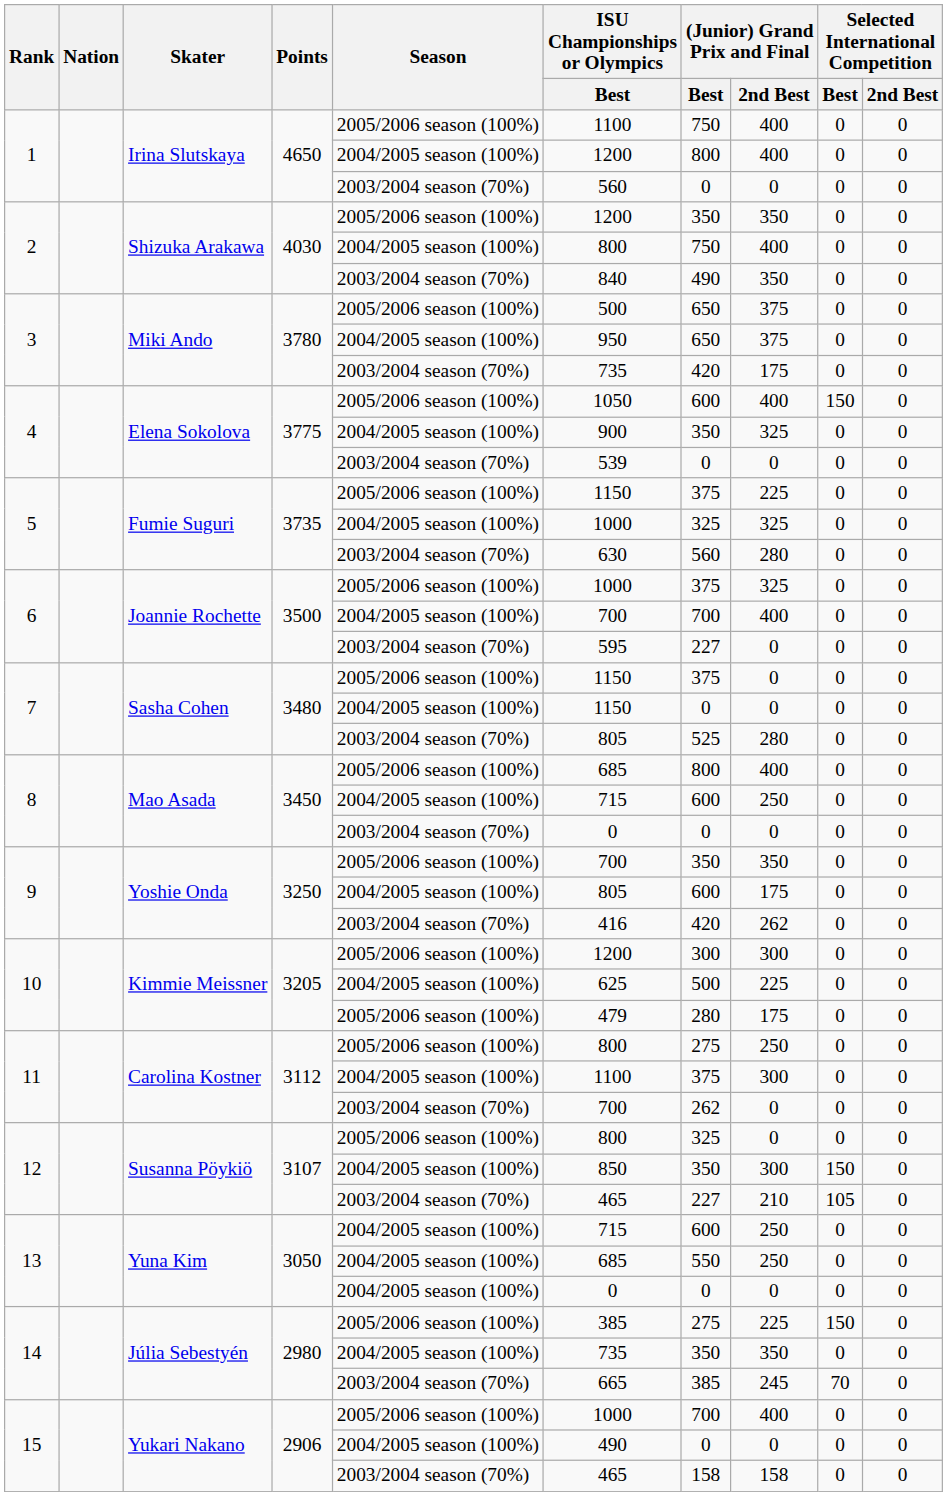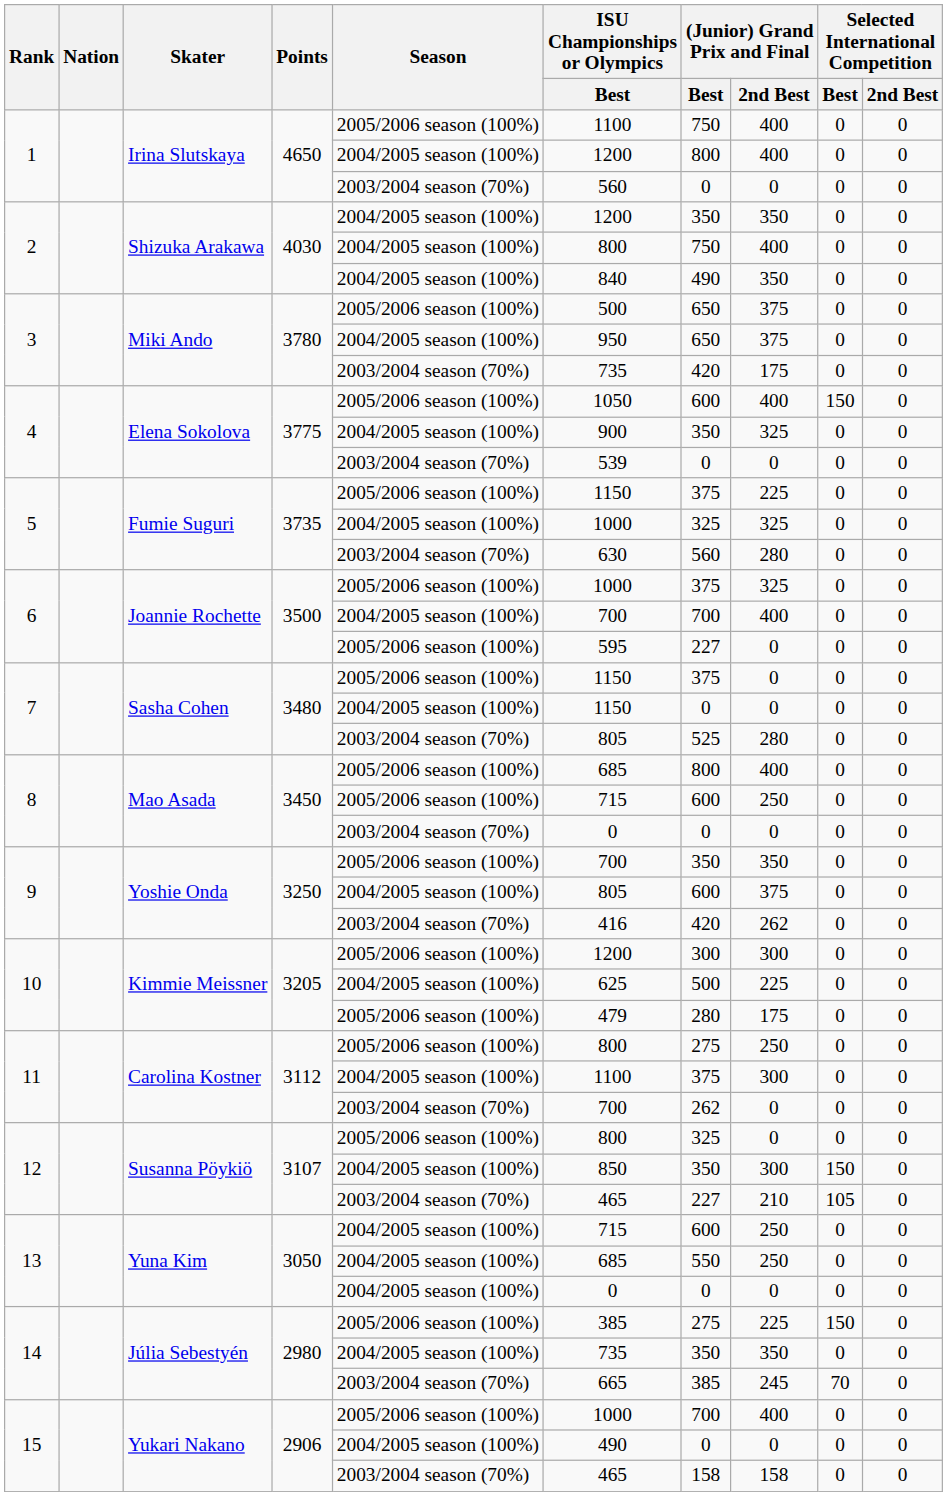 <table class="wikitable sortable" style="text-align: center;">
 <tr>
 <th rowspan="2">Rank</th>
 <th rowspan="2">Nation</th>
 <th rowspan="2">Skater</th>
 <th rowspan="2">Points</th>
 <th rowspan="2">Season</th>
 <th>ISU <br> Championships <br> or Olympics</th>
 <th colspan="2">(Junior) Grand <br> Prix and Final</th>
 <th colspan="2">Selected <br> International <br> Competition</th>
 </tr>
 <tr>
 <th>Best</th>
 <th>Best</th>
 <th>2nd Best</th>
 <th>Best</th>
 <th>2nd Best</th>
 </tr>
 <tr>
 <td rowspan="3">1</td>
 <td rowspan="3" style="text-align: left;"></td>
 <td rowspan="3" style="text-align: left;"><a href='#'>Irina Slutskaya</a></td>
 <td rowspan="3">4650</td>
 <td style="text-align: left;">2005/2006 season (100%)</td>
 <td>1100</td>
 <td>750</td>
 <td>400</td>
 <td>0</td>
 <td>0</td>
 </tr>
 <tr>
 <td style="text-align: left;">2004/2005 season (100%)</td>
 <td>1200</td>
 <td>800</td>
 <td>400</td>
 <td>0</td>
 <td>0</td>
 </tr>
 <tr>
 <td style="text-align: left;">2003/2004 season (70%)</td>
 <td>560</td>
 <td>0</td>
 <td>0</td>
 <td>0</td>
 <td>0</td>
 </tr>
 <tr>
 <td rowspan="3">2</td>
 <td rowspan="3" style="text-align: left;"></td>
 <td rowspan="3" style="text-align: left;"><a href='#'>Shizuka Arakawa</a></td>
 <td rowspan="3">4030</td>
-<td style="text-align: left;">2005/2006 season (100%)</td>
+<td style="text-align: left;">2004/2005 season (100%)</td>
 <td>1200</td>
 <td>350</td>
 <td>350</td>
 <td>0</td>
 <td>0</td>
 </tr>
 <tr>
 <td style="text-align: left;">2004/2005 season (100%)</td>
 <td>800</td>
 <td>750</td>
 <td>400</td>
 <td>0</td>
 <td>0</td>
 </tr>
 <tr>
-<td style="text-align: left;">2003/2004 season (70%)</td>
+<td style="text-align: left;">2004/2005 season (100%)</td>
 <td>840</td>
 <td>490</td>
 <td>350</td>
 <td>0</td>
 <td>0</td>
 </tr>
 <tr>
 <td rowspan="3">3</td>
 <td rowspan="3" style="text-align: left;"></td>
 <td rowspan="3" style="text-align: left;"><a href='#'>Miki Ando</a></td>
 <td rowspan="3">3780</td>
 <td style="text-align: left;">2005/2006 season (100%)</td>
 <td>500</td>
 <td>650</td>
 <td>375</td>
 <td>0</td>
 <td>0</td>
 </tr>
 <tr>
 <td style="text-align: left;">2004/2005 season (100%)</td>
 <td>950</td>
 <td>650</td>
 <td>375</td>
 <td>0</td>
 <td>0</td>
 </tr>
 <tr>
 <td style="text-align: left;">2003/2004 season (70%)</td>
 <td>735</td>
 <td>420</td>
 <td>175</td>
 <td>0</td>
 <td>0</td>
 </tr>
 <tr>
 <td rowspan="3">4</td>
 <td rowspan="3" style="text-align: left;"></td>
 <td rowspan="3" style="text-align: left;"><a href='#'>Elena Sokolova</a></td>
 <td rowspan="3">3775</td>
 <td style="text-align: left;">2005/2006 season (100%)</td>
 <td>1050</td>
 <td>600</td>
 <td>400</td>
 <td>150</td>
 <td>0</td>
 </tr>
 <tr>
 <td style="text-align: left;">2004/2005 season (100%)</td>
 <td>900</td>
 <td>350</td>
 <td>325</td>
 <td>0</td>
 <td>0</td>
 </tr>
 <tr>
 <td style="text-align: left;">2003/2004 season (70%)</td>
 <td>539</td>
 <td>0</td>
 <td>0</td>
 <td>0</td>
 <td>0</td>
 </tr>
 <tr>
 <td rowspan="3">5</td>
 <td rowspan="3" style="text-align: left;"></td>
 <td rowspan="3" style="text-align: left;"><a href='#'>Fumie Suguri</a></td>
 <td rowspan="3">3735</td>
 <td style="text-align: left;">2005/2006 season (100%)</td>
 <td>1150</td>
 <td>375</td>
 <td>225</td>
 <td>0</td>
 <td>0</td>
 </tr>
 <tr>
 <td style="text-align: left;">2004/2005 season (100%)</td>
 <td>1000</td>
 <td>325</td>
 <td>325</td>
 <td>0</td>
 <td>0</td>
 </tr>
 <tr>
 <td style="text-align: left;">2003/2004 season (70%)</td>
 <td>630</td>
 <td>560</td>
 <td>280</td>
 <td>0</td>
 <td>0</td>
 </tr>
 <tr>
 <td rowspan="3">6</td>
 <td rowspan="3" style="text-align: left;"></td>
 <td rowspan="3" style="text-align: left;"><a href='#'>Joannie Rochette</a></td>
 <td rowspan="3">3500</td>
 <td style="text-align: left;">2005/2006 season (100%)</td>
 <td>1000</td>
 <td>375</td>
 <td>325</td>
 <td>0</td>
 <td>0</td>
 </tr>
 <tr>
 <td style="text-align: left;">2004/2005 season (100%)</td>
 <td>700</td>
 <td>700</td>
 <td>400</td>
 <td>0</td>
 <td>0</td>
 </tr>
 <tr>
-<td style="text-align: left;">2003/2004 season (70%)</td>
+<td style="text-align: left;">2005/2006 season (100%)</td>
 <td>595</td>
 <td>227</td>
 <td>0</td>
 <td>0</td>
 <td>0</td>
 </tr>
 <tr>
 <td rowspan="3">7</td>
 <td rowspan="3" style="text-align: left;"></td>
 <td rowspan="3" style="text-align: left;"><a href='#'>Sasha Cohen</a></td>
 <td rowspan="3">3480</td>
 <td style="text-align: left;">2005/2006 season (100%)</td>
 <td>1150</td>
 <td>375</td>
 <td>0</td>
 <td>0</td>
 <td>0</td>
 </tr>
 <tr>
 <td style="text-align: left;">2004/2005 season (100%)</td>
 <td>1150</td>
 <td>0</td>
 <td>0</td>
 <td>0</td>
 <td>0</td>
 </tr>
 <tr>
 <td style="text-align: left;">2003/2004 season (70%)</td>
 <td>805</td>
 <td>525</td>
 <td>280</td>
 <td>0</td>
 <td>0</td>
 </tr>
 <tr>
 <td rowspan="3">8</td>
 <td rowspan="3" style="text-align: left;"></td>
 <td rowspan="3" style="text-align: left;"><a href='#'>Mao Asada</a></td>
 <td rowspan="3">3450</td>
 <td style="text-align: left;">2005/2006 season (100%)</td>
 <td>685</td>
 <td>800</td>
 <td>400</td>
 <td>0</td>
 <td>0</td>
 </tr>
 <tr>
-<td style="text-align: left;">2004/2005 season (100%)</td>
+<td style="text-align: left;">2005/2006 season (100%)</td>
 <td>715</td>
 <td>600</td>
 <td>250</td>
 <td>0</td>
 <td>0</td>
 </tr>
 <tr>
 <td style="text-align: left;">2003/2004 season (70%)</td>
 <td>0</td>
 <td>0</td>
 <td>0</td>
 <td>0</td>
 <td>0</td>
 </tr>
 <tr>
 <td rowspan="3">9</td>
 <td rowspan="3" style="text-align: left;"></td>
 <td rowspan="3" style="text-align: left;"><a href='#'>Yoshie Onda</a></td>
 <td rowspan="3">3250</td>
 <td style="text-align: left;">2005/2006 season (100%)</td>
 <td>700</td>
 <td>350</td>
 <td>350</td>
 <td>0</td>
 <td>0</td>
 </tr>
 <tr>
 <td style="text-align: left;">2004/2005 season (100%)</td>
 <td>805</td>
 <td>600</td>
-<td>175</td>
+<td>375</td>
 <td>0</td>
 <td>0</td>
 </tr>
 <tr>
 <td style="text-align: left;">2003/2004 season (70%)</td>
 <td>416</td>
 <td>420</td>
 <td>262</td>
 <td>0</td>
 <td>0</td>
 </tr>
 <tr>
 <td rowspan="3">10</td>
 <td rowspan="3" style="text-align: left;"></td>
 <td rowspan="3" style="text-align: left;"><a href='#'>Kimmie Meissner</a></td>
 <td rowspan="3">3205</td>
 <td style="text-align: left;">2005/2006 season (100%)</td>
 <td>1200</td>
 <td>300</td>
 <td>300</td>
 <td>0</td>
 <td>0</td>
 </tr>
 <tr>
 <td style="text-align: left;">2004/2005 season (100%)</td>
 <td>625</td>
 <td>500</td>
 <td>225</td>
 <td>0</td>
 <td>0</td>
 </tr>
 <tr>
 <td style="text-align: left;">2005/2006 season (100%)</td>
 <td>479</td>
 <td>280</td>
 <td>175</td>
 <td>0</td>
 <td>0</td>
 </tr>
 <tr>
 <td rowspan="3">11</td>
 <td rowspan="3" style="text-align: left;"></td>
 <td rowspan="3" style="text-align: left;"><a href='#'>Carolina Kostner</a></td>
 <td rowspan="3">3112</td>
 <td style="text-align: left;">2005/2006 season (100%)</td>
 <td>800</td>
 <td>275</td>
 <td>250</td>
 <td>0</td>
 <td>0</td>
 </tr>
 <tr>
 <td style="text-align: left;">2004/2005 season (100%)</td>
 <td>1100</td>
 <td>375</td>
 <td>300</td>
 <td>0</td>
 <td>0</td>
 </tr>
 <tr>
 <td style="text-align: left;">2003/2004 season (70%)</td>
 <td>700</td>
 <td>262</td>
 <td>0</td>
 <td>0</td>
 <td>0</td>
 </tr>
 <tr>
 <td rowspan="3">12</td>
 <td rowspan="3" style="text-align: left;"></td>
 <td rowspan="3" style="text-align: left;"><a href='#'>Susanna Pöykiö</a></td>
 <td rowspan="3">3107</td>
 <td style="text-align: left;">2005/2006 season (100%)</td>
 <td>800</td>
 <td>325</td>
 <td>0</td>
 <td>0</td>
 <td>0</td>
 </tr>
 <tr>
 <td style="text-align: left;">2004/2005 season (100%)</td>
 <td>850</td>
 <td>350</td>
 <td>300</td>
 <td>150</td>
 <td>0</td>
 </tr>
 <tr>
 <td style="text-align: left;">2003/2004 season (70%)</td>
 <td>465</td>
 <td>227</td>
 <td>210</td>
 <td>105</td>
 <td>0</td>
 </tr>
 <tr>
 <td rowspan="3">13</td>
 <td rowspan="3" style="text-align: left;"></td>
 <td rowspan="3" style="text-align: left;"><a href='#'>Yuna Kim</a></td>
 <td rowspan="3">3050</td>
 <td style="text-align: left;">2004/2005 season (100%)</td>
 <td>715</td>
 <td>600</td>
 <td>250</td>
 <td>0</td>
 <td>0</td>
 </tr>
 <tr>
 <td style="text-align: left;">2004/2005 season (100%)</td>
 <td>685</td>
 <td>550</td>
 <td>250</td>
 <td>0</td>
 <td>0</td>
 </tr>
 <tr>
 <td style="text-align: left;">2004/2005 season (100%)</td>
 <td>0</td>
 <td>0</td>
 <td>0</td>
 <td>0</td>
 <td>0</td>
 </tr>
 <tr>
 <td rowspan="3">14</td>
 <td rowspan="3" style="text-align: left;"></td>
 <td rowspan="3" style="text-align: left;"><a href='#'>Júlia Sebestyén</a></td>
 <td rowspan="3">2980</td>
 <td style="text-align: left;">2005/2006 season (100%)</td>
 <td>385</td>
 <td>275</td>
 <td>225</td>
 <td>150</td>
 <td>0</td>
 </tr>
 <tr>
 <td style="text-align: left;">2004/2005 season (100%)</td>
 <td>735</td>
 <td>350</td>
 <td>350</td>
 <td>0</td>
 <td>0</td>
 </tr>
 <tr>
 <td style="text-align: left;">2003/2004 season (70%)</td>
 <td>665</td>
 <td>385</td>
 <td>245</td>
 <td>70</td>
 <td>0</td>
 </tr>
 <tr>
 <td rowspan="3">15</td>
 <td rowspan="3" style="text-align: left;"></td>
 <td rowspan="3" style="text-align: left;"><a href='#'>Yukari Nakano</a></td>
 <td rowspan="3">2906</td>
 <td style="text-align: left;">2005/2006 season (100%)</td>
 <td>1000</td>
 <td>700</td>
 <td>400</td>
 <td>0</td>
 <td>0</td>
 </tr>
 <tr>
 <td style="text-align: left;">2004/2005 season (100%)</td>
 <td>490</td>
 <td>0</td>
 <td>0</td>
 <td>0</td>
 <td>0</td>
 </tr>
 <tr>
 <td style="text-align: left;">2003/2004 season (70%)</td>
 <td>465</td>
 <td>158</td>
 <td>158</td>
 <td>0</td>
 <td>0</td>
 </tr>
 </table>
